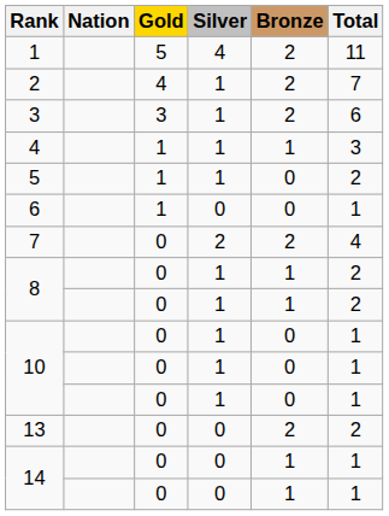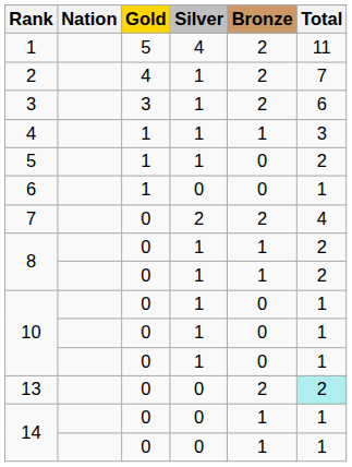 <table class="wikitable sortable" style="text-align:center">
 <tr>
 <th>Rank</th>
 <th>Nation</th>
 <th style="background-color:gold">Gold</th>
 <th style="background-color:silver">Silver</th>
 <th style="background-color:#cc9966">Bronze</th>
 <th>Total</th>
 </tr>
 <tr>
 <td>1</td>
 <td align=left></td>
 <td>5</td>
 <td>4</td>
 <td>2</td>
 <td>11</td>
 </tr>
 <tr>
 <td>2</td>
 <td align=left></td>
 <td>4</td>
 <td>1</td>
 <td>2</td>
 <td>7</td>
 </tr>
 <tr>
 <td>3</td>
 <td align=left></td>
 <td>3</td>
 <td>1</td>
 <td>2</td>
 <td>6</td>
 </tr>
 <tr>
 <td>4</td>
 <td align=left></td>
 <td>1</td>
 <td>1</td>
 <td>1</td>
 <td>3</td>
 </tr>
 <tr>
 <td>5</td>
 <td align=left></td>
 <td>1</td>
 <td>1</td>
 <td>0</td>
 <td>2</td>
 </tr>
 <tr>
 <td>6</td>
 <td align=left></td>
 <td>1</td>
 <td>0</td>
 <td>0</td>
 <td>1</td>
 </tr>
 <tr>
 <td>7</td>
 <td align=left></td>
 <td>0</td>
 <td>2</td>
 <td>2</td>
 <td>4</td>
 </tr>
 <tr>
 <td rowspan=2>8</td>
 <td align=left></td>
 <td>0</td>
 <td>1</td>
 <td>1</td>
 <td>2</td>
 </tr>
 <tr>
 <td align=left></td>
 <td>0</td>
 <td>1</td>
 <td>1</td>
 <td>2</td>
 </tr>
 <tr>
 <td rowspan=3>10</td>
 <td align=left></td>
 <td>0</td>
 <td>1</td>
 <td>0</td>
 <td>1</td>
 </tr>
 <tr>
 <td align=left></td>
 <td>0</td>
 <td>1</td>
 <td>0</td>
 <td>1</td>
 </tr>
 <tr>
 <td align=left></td>
 <td>0</td>
 <td>1</td>
 <td>0</td>
 <td>1</td>
 </tr>
 <tr>
 <td>13</td>
 <td align=left></td>
 <td>0</td>
 <td>0</td>
 <td>2</td>
-<td>2</td>
+<td style="background: paleturquoise;">2</td>
 </tr>
 <tr>
 <td rowspan=2>14</td>
 <td align=left></td>
 <td>0</td>
 <td>0</td>
 <td>1</td>
 <td>1</td>
 </tr>
 <tr>
 <td align=left></td>
 <td>0</td>
 <td>0</td>
 <td>1</td>
 <td>1</td>
 </tr>
 </table>
